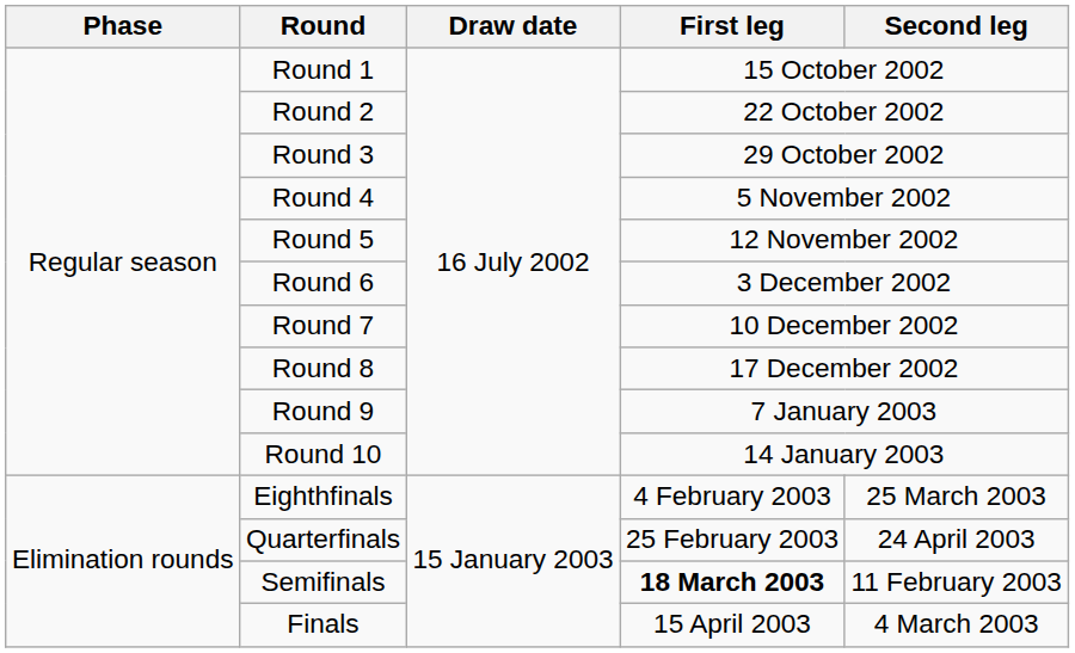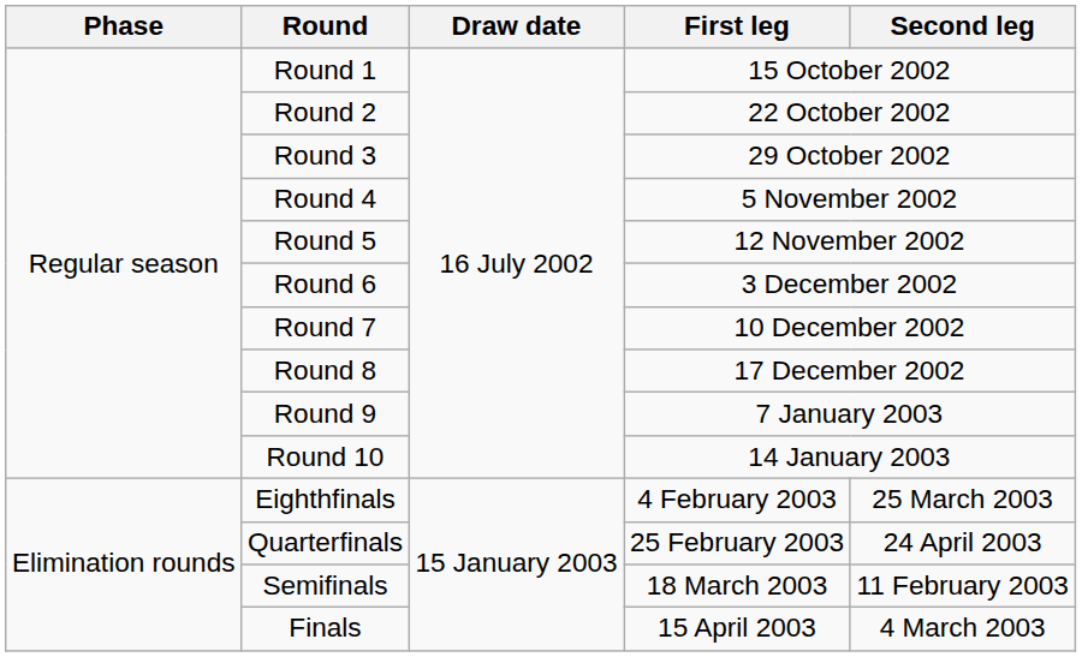 <table class="wikitable" style="text-align:center">
 <tr>
 <th>Phase</th>
 <th>Round</th>
 <th>Draw date</th>
 <th>First leg</th>
 <th>Second leg</th>
 </tr>
 <tr>
 <td rowspan=10>Regular season</td>
 <td>Round 1</td>
 <td rowspan=10>16 July 2002</td>
 <td colspan=2>15 October 2002</td>
 </tr>
 <tr>
 <td>Round 2</td>
 <td colspan=2>22 October 2002</td>
 </tr>
 <tr>
 <td>Round 3</td>
 <td colspan=2>29 October 2002</td>
 </tr>
 <tr>
 <td>Round 4</td>
 <td colspan=2>5 November 2002</td>
 </tr>
 <tr>
 <td>Round 5</td>
 <td colspan=2>12 November 2002</td>
 </tr>
 <tr>
 <td>Round 6</td>
 <td colspan=2>3 December 2002</td>
 </tr>
 <tr>
 <td>Round 7</td>
 <td colspan=2>10 December 2002</td>
 </tr>
 <tr>
 <td>Round 8</td>
 <td colspan=2>17 December 2002</td>
 </tr>
 <tr>
 <td>Round 9</td>
 <td colspan=2>7 January 2003</td>
 </tr>
 <tr>
 <td>Round 10</td>
 <td colspan=2>14 January 2003</td>
 </tr>
 <tr>
 <td rowspan=4>Elimination rounds</td>
 <td>Eighthfinals</td>
 <td rowspan=4>15 January 2003</td>
 <td>4 February 2003</td>
 <td>25 March 2003</td>
 </tr>
 <tr>
 <td>Quarterfinals</td>
 <td>25 February 2003</td>
 <td>24 April 2003</td>
 </tr>
 <tr>
 <td>Semifinals</td>
-<td><strong>18 March 2003</strong></td>
+<td>18 March 2003</td>
 <td>11 February 2003</td>
 </tr>
 <tr>
 <td>Finals</td>
 <td>15 April 2003</td>
 <td>4 March 2003</td>
 </tr>
 </table>
